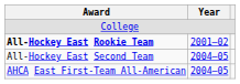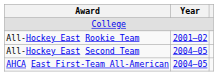 <table class="wikitable">
 <tr>
 <th>Award</th>
 <th>Year</th>
 <th></th>
 </tr>
 <tr ALIGN="center" bgcolor="#e0e0e0">
 <td colspan="3"><a href='#'>College</a></td>
 </tr>
 <tr>
-<td><strong>All-<a href='#'>Hockey East</a> <a href='#'>Rookie Team</a></strong></td>
+<td>All-<a href='#'>Hockey East</a> <a href='#'>Rookie Team</a></td>
 <td><a href='#'>2001–02</a></td>
 <td></td>
 </tr>
 <tr>
 <td>All-<a href='#'>Hockey East</a> <a href='#'>Second Team</a></td>
 <td><a href='#'>2004–05</a></td>
 <td></td>
 </tr>
 <tr>
 <td><a href='#'>AHCA</a> <a href='#'>East First-Team All-American</a></td>
 <td><a href='#'>2004–05</a></td>
 <td></td>
 </tr>
 </table>
